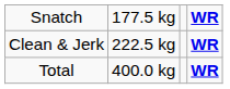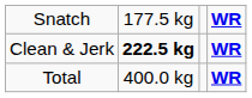 <table class = "wikitable" style="text-align:center;">
 <tr>
 <td>Snatch</td>
 <td>177.5 kg</td>
 <td align=left></td>
 <td><strong><a href='#'>WR</a></strong></td>
 </tr>
 <tr>
 <td>Clean & Jerk</td>
-<td>222.5 kg</td>
+<td><strong>222.5 kg</strong></td>
 <td align=left></td>
 <td><strong><a href='#'>WR</a></strong></td>
 </tr>
 <tr>
 <td>Total</td>
 <td>400.0 kg</td>
 <td align=left></td>
 <td><strong><a href='#'>WR</a></strong></td>
 </tr>
 </table>
